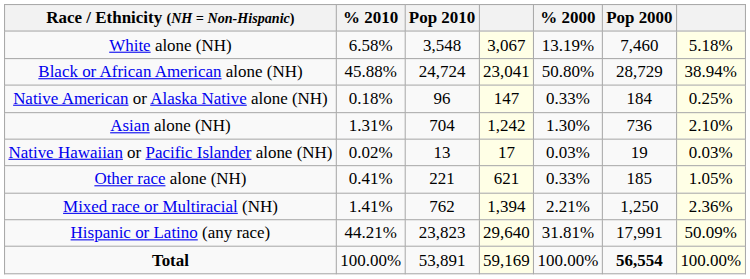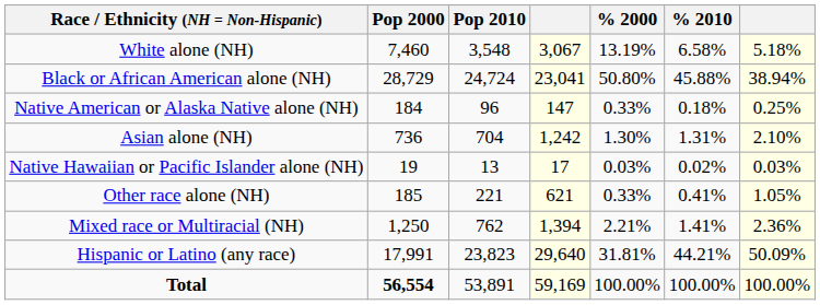 <table class="wikitable" style="text-align:center;">
 <tr>
 <th>Race / Ethnicity <small>(<em>NH = Non-Hispanic</em>)</small></th>
-<th>% 2010</th>
+<th>Pop 2000</th>
 <th>Pop 2010</th>
 <th></th>
 <th>% 2000</th>
-<th>Pop 2000</th>
+<th>% 2010</th>
 <th></th>
 </tr>
 <tr>
 <td><a href='#'>White</a> alone (NH)</td>
-<td>6.58%</td>
+<td>7,460</td>
 <td>3,548</td>
 <td style='background: #ffffe6;'>3,067</td>
 <td>13.19%</td>
-<td>7,460</td>
+<td>6.58%</td>
 <td style='background: #ffffe6;'>5.18%</td>
 </tr>
 <tr>
 <td><a href='#'>Black or African American</a> alone (NH)</td>
-<td>45.88%</td>
+<td>28,729</td>
 <td>24,724</td>
 <td style='background: #ffffe6;'>23,041</td>
 <td>50.80%</td>
-<td>28,729</td>
+<td>45.88%</td>
 <td style='background: #ffffe6;'>38.94%</td>
 </tr>
 <tr>
 <td><a href='#'>Native American</a> or <a href='#'>Alaska Native</a> alone (NH)</td>
-<td>0.18%</td>
+<td>184</td>
 <td>96</td>
 <td style='background: #ffffe6;'>147</td>
 <td>0.33%</td>
-<td>184</td>
+<td>0.18%</td>
 <td style='background: #ffffe6;'>0.25%</td>
 </tr>
 <tr>
 <td><a href='#'>Asian</a> alone (NH)</td>
-<td>1.31%</td>
+<td>736</td>
 <td>704</td>
 <td style='background: #ffffe6;'>1,242</td>
 <td>1.30%</td>
-<td>736</td>
+<td>1.31%</td>
 <td style='background: #ffffe6;'>2.10%</td>
 </tr>
 <tr>
 <td><a href='#'>Native Hawaiian</a> or <a href='#'>Pacific Islander</a> alone (NH)</td>
-<td>0.02%</td>
+<td>19</td>
 <td>13</td>
 <td style='background: #ffffe6;'>17</td>
 <td>0.03%</td>
-<td>19</td>
+<td>0.02%</td>
 <td style='background: #ffffe6;'>0.03%</td>
 </tr>
 <tr>
 <td><a href='#'>Other race</a> alone (NH)</td>
-<td>0.41%</td>
+<td>185</td>
 <td>221</td>
 <td style='background: #ffffe6;'>621</td>
 <td>0.33%</td>
-<td>185</td>
+<td>0.41%</td>
 <td style='background: #ffffe6;'>1.05%</td>
 </tr>
 <tr>
 <td><a href='#'>Mixed race or Multiracial</a> (NH)</td>
-<td>1.41%</td>
+<td>1,250</td>
 <td>762</td>
 <td style='background: #ffffe6;'>1,394</td>
 <td>2.21%</td>
-<td>1,250</td>
+<td>1.41%</td>
 <td style='background: #ffffe6;'>2.36%</td>
 </tr>
 <tr>
 <td><a href='#'>Hispanic or Latino</a> (any race)</td>
-<td>44.21%</td>
+<td>17,991</td>
 <td>23,823</td>
 <td style='background: #ffffe6;'>29,640</td>
 <td>31.81%</td>
-<td>17,991</td>
+<td>44.21%</td>
 <td style='background: #ffffe6;'>50.09%</td>
 </tr>
 <tr>
 <td><strong>Total</strong></td>
-<td></strong>100.00%<strong></td>
+<td><strong>56,554<em></td>
 <td></strong>53,891<strong></td>
 <td style='background: #ffffe6;'></strong>59,169<strong></td>
 <td></strong>100.00%<strong></td>
-<td><strong>56,554<em></td>
+<td></strong>100.00%<strong></td>
 <td style='background: #ffffe6;'></strong>100.00%<strong></td>
 </tr>
 </table>
